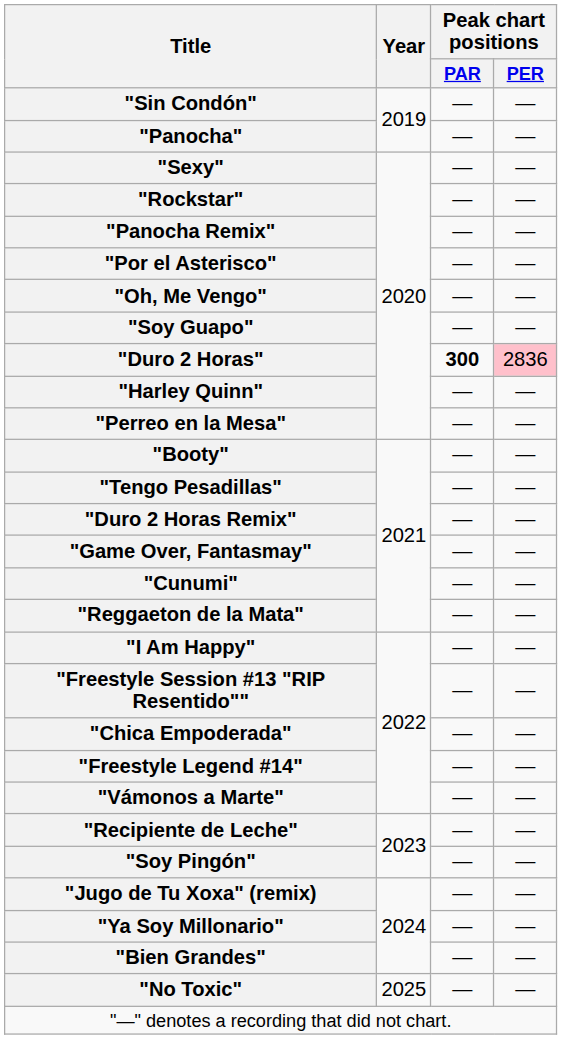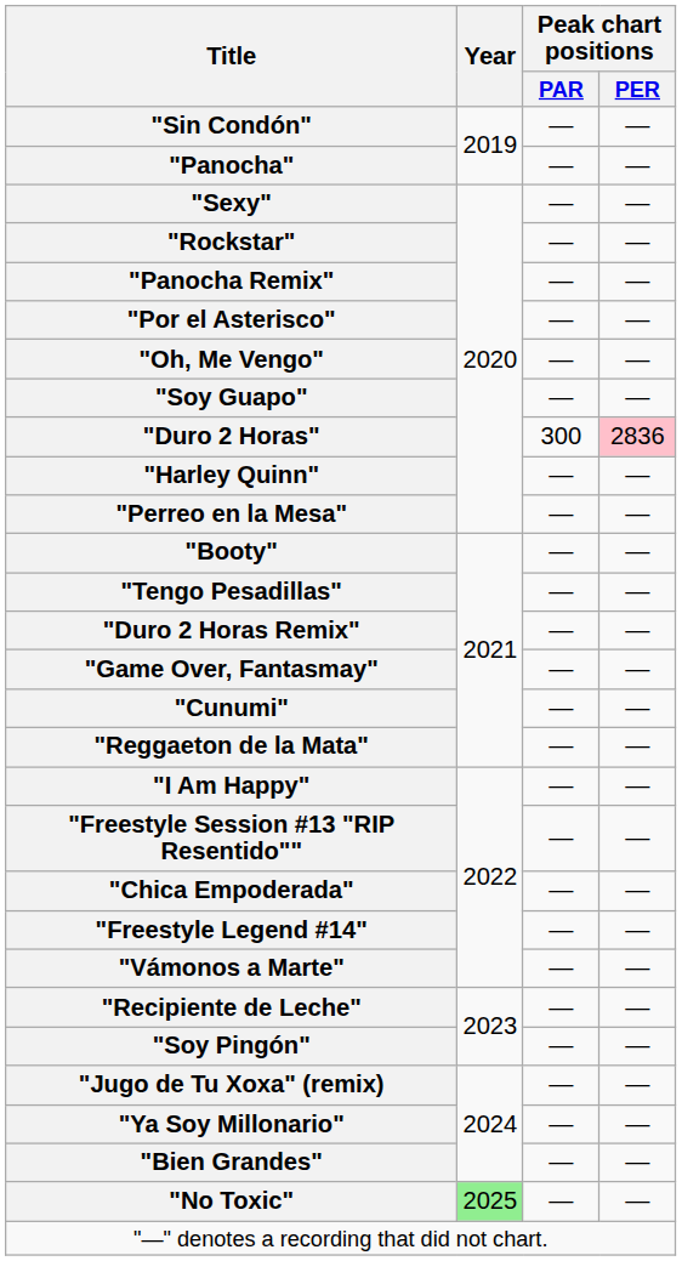 <table class="wikitable plainrowheaders" style="text-align:center;">
 <tr>
 <th rowspan="2" scope="col" style="width:18em;">Title</th>
 <th rowspan="2" scope="col">Year</th>
 <th colspan="2">Peak chart positions</th>
 </tr>
 <tr>
 <th scope="col" style="width:3em;font-size:90%;"><a href='#'>PAR</a><br></th>
 <th scope="col" style="width:3em;font-size:90%;"><a href='#'>PER</a><br></th>
 </tr>
 <tr>
 <th scope="row">"Sin Condón"</th>
 <td rowspan="2">2019</td>
 <td>—</td>
 <td>—</td>
 </tr>
 <tr>
 <th scope="row">"Panocha"</th>
 <td>—</td>
 <td>—</td>
 </tr>
 <tr>
 <th scope="row">"Sexy"</th>
 <td rowspan="9">2020</td>
 <td>—</td>
 <td>—</td>
 </tr>
 <tr>
 <th scope="row">"Rockstar"</th>
 <td>—</td>
 <td>—</td>
 </tr>
 <tr>
 <th scope="row">"Panocha Remix"<br></th>
 <td>—</td>
 <td>—</td>
 </tr>
 <tr>
 <th scope="row">"Por el Asterisco"<br></th>
 <td>—</td>
 <td>—</td>
 </tr>
 <tr>
 <th scope="row">"Oh, Me Vengo"</th>
 <td>—</td>
 <td>—</td>
 </tr>
 <tr>
 <th scope="row">"Soy Guapo"</th>
 <td>—</td>
 <td>—</td>
 </tr>
 <tr>
 <th scope="row">"Duro 2 Horas"</th>
-<td><strong>300</strong></td>
+<td>300</td>
 <td style="background: pink;">2836</td>
 </tr>
 <tr>
 <th scope="row">"Harley Quinn"</th>
 <td>—</td>
 <td>—</td>
 </tr>
 <tr>
 <th scope="row">"Perreo en la Mesa"</th>
 <td>—</td>
 <td>—</td>
 </tr>
 <tr>
 <th scope="row">"Booty"</th>
 <td rowspan="6">2021</td>
 <td>—</td>
 <td>—</td>
 </tr>
 <tr>
 <th scope="row">"Tengo Pesadillas"</th>
 <td>—</td>
 <td>—</td>
 </tr>
 <tr>
 <th scope="row">"Duro 2 Horas Remix"<br></th>
 <td>—</td>
 <td>—</td>
 </tr>
 <tr>
 <th scope="row">"Game Over, Fantasmay"</th>
 <td>—</td>
 <td>—</td>
 </tr>
 <tr>
 <th scope="row">"Cunumi"</th>
 <td>—</td>
 <td>—</td>
 </tr>
 <tr>
 <th scope="row">"Reggaeton de la Mata"</th>
 <td>—</td>
 <td>—</td>
 </tr>
 <tr>
 <th scope="row">"I Am Happy"</th>
 <td rowspan="5">2022</td>
 <td>—</td>
 <td>—</td>
 </tr>
 <tr>
 <th scope="row">"Freestyle Session #13 "RIP Resentido""</th>
 <td>—</td>
 <td>—</td>
 </tr>
 <tr>
 <th scope="row">"Chica Empoderada"</th>
 <td>—</td>
 <td>—</td>
 </tr>
 <tr>
 <th scope="row">"Freestyle Legend #14"</th>
 <td>—</td>
 <td>—</td>
 </tr>
 <tr>
 <th scope="row">"Vámonos a Marte"</th>
 <td>—</td>
 <td>—</td>
 </tr>
 <tr>
 <th scope=row>"Recipiente de Leche"</th>
 <td rowspan="2">2023</td>
 <td>—</td>
 <td>—</td>
 </tr>
 <tr>
 <th scope=row>"Soy Pingón"</th>
 <td>—</td>
 <td>—</td>
 </tr>
 <tr>
 <th scope=row>"Jugo de Tu Xoxa" (remix)<br></th>
 <td rowspan="3">2024</td>
 <td>—</td>
 <td>—</td>
 </tr>
 <tr>
 <th scope=row>"Ya Soy Millonario"</th>
 <td>—</td>
 <td>—</td>
 </tr>
 <tr>
 <th scope=row>"Bien Grandes"<br></th>
 <td>—</td>
 <td>—</td>
 </tr>
 <tr>
 <th scope=row>"No Toxic"</th>
-<td>2025</td>
+<td style="background: lightgreen;">2025</td>
 <td>—</td>
 <td>—</td>
 </tr>
 <tr>
 <td colspan="4" style="font-size:90%">"—" denotes a recording that did not chart.</td>
 </tr>
 </table>
